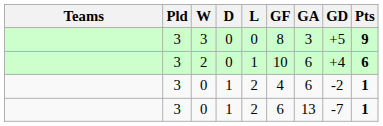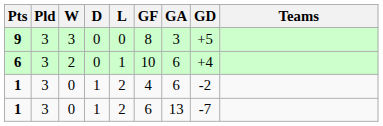 <table class="wikitable" style="text-align: center;">
 <tr>
-<th width=165>Teams</th>
+<th width=20>Pts</th>
 <th width=20>Pld</th>
 <th width=20>W</th>
 <th width=20>D</th>
 <th width=20>L</th>
 <th width=20>GF</th>
 <th width=20>GA</th>
 <th width=20>GD</th>
-<th width=20>Pts</th>
+<th width=165>Teams</th>
 </tr>
 <tr align=center style="background:#ccffcc;">
-<td style="text-align:left;"></td>
+<td><strong>9</strong></td>
 <td>3</td>
 <td>3</td>
 <td>0</td>
 <td>0</td>
 <td>8</td>
 <td>3</td>
 <td>+5</td>
-<td><strong>9</strong></td>
+<td style="text-align:left;"></td>
 </tr>
 <tr align=center style="background:#ccffcc;">
-<td style="text-align:left;"></td>
+<td><strong>6</strong></td>
 <td>3</td>
 <td>2</td>
 <td>0</td>
 <td>1</td>
 <td>10</td>
 <td>6</td>
 <td>+4</td>
-<td><strong>6</strong></td>
+<td style="text-align:left;"></td>
 </tr>
 <tr align=center>
-<td style="text-align:left;"></td>
+<td><strong>1</strong></td>
 <td>3</td>
 <td>0</td>
 <td>1</td>
 <td>2</td>
 <td>4</td>
 <td>6</td>
 <td>-2</td>
-<td><strong>1</strong></td>
+<td style="text-align:left;"></td>
 </tr>
 <tr align=center>
-<td style="text-align:left;"></td>
+<td><strong>1</strong></td>
 <td>3</td>
 <td>0</td>
 <td>1</td>
 <td>2</td>
 <td>6</td>
 <td>13</td>
 <td>-7</td>
-<td><strong>1</strong></td>
+<td style="text-align:left;"></td>
 </tr>
 </table>
